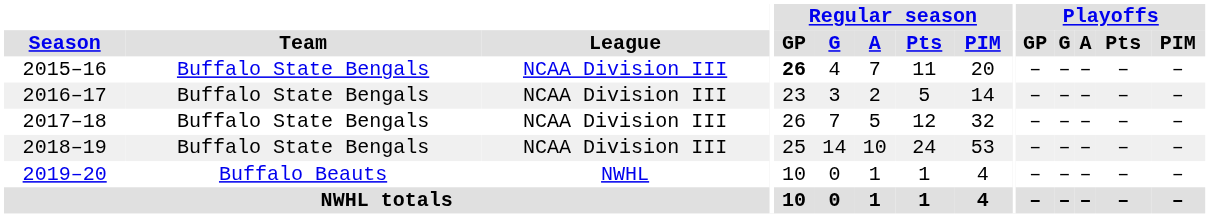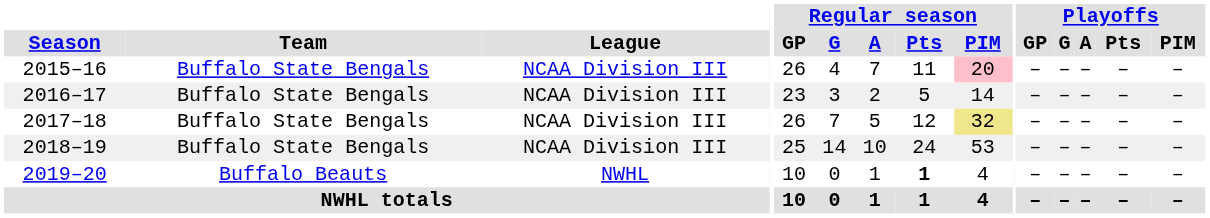 <table border="0" cellpadding="1" cellspacing="0" style="text-align:center; width:60em">
 <tr bgcolor="#e0e0e0">
 <th colspan="3" bgcolor="#ffffff"></th>
 <th rowspan="99" bgcolor="#ffffff"></th>
 <th colspan="5"><a href='#'>Regular season</a></th>
 <th rowspan="99" bgcolor="#ffffff"></th>
 <th colspan="5"><a href='#'>Playoffs</a></th>
 </tr>
 <tr bgcolor="#e0e0e0">
 <th><a href='#'>Season</a></th>
 <th>Team</th>
 <th>League</th>
 <th>GP</th>
 <th><a href='#'>G</a></th>
 <th><a href='#'>A</a></th>
 <th><a href='#'>Pts</a></th>
 <th><a href='#'>PIM</a></th>
 <th>GP</th>
 <th>G</th>
 <th>A</th>
 <th>Pts</th>
 <th>PIM</th>
 </tr>
 <tr>
 <td>2015–16</td>
 <td><a href='#'>Buffalo State Bengals</a></td>
 <td><a href='#'>NCAA Division III</a></td>
-<td><strong>26</strong></td>
+<td>26</td>
 <td>4</td>
 <td>7</td>
 <td>11</td>
-<td>20</td>
+<td style="background: pink;">20</td>
 <td>–</td>
 <td>–</td>
 <td>–</td>
 <td>–</td>
 <td>–</td>
 </tr>
 <tr bgcolor="#f0f0f0">
 <td>2016–17</td>
 <td>Buffalo State Bengals</td>
 <td>NCAA Division III</td>
 <td>23</td>
 <td>3</td>
 <td>2</td>
 <td>5</td>
 <td>14</td>
 <td>–</td>
 <td>–</td>
 <td>–</td>
 <td>–</td>
 <td>–</td>
 </tr>
 <tr>
 <td>2017–18</td>
 <td>Buffalo State Bengals</td>
 <td>NCAA Division III</td>
 <td>26</td>
 <td>7</td>
 <td>5</td>
 <td>12</td>
-<td>32</td>
+<td style="background: khaki;">32</td>
 <td>–</td>
 <td>–</td>
 <td>–</td>
 <td>–</td>
 <td>–</td>
 </tr>
 <tr bgcolor="#f0f0f0">
 <td>2018–19</td>
 <td>Buffalo State Bengals</td>
 <td>NCAA Division III</td>
 <td>25</td>
 <td>14</td>
 <td>10</td>
 <td>24</td>
 <td>53</td>
 <td>–</td>
 <td>–</td>
 <td>–</td>
 <td>–</td>
 <td>–</td>
 </tr>
 <tr>
 <td><a href='#'>2019–20</a></td>
 <td><a href='#'>Buffalo Beauts</a></td>
 <td><a href='#'>NWHL</a></td>
 <td>10</td>
 <td>0</td>
 <td>1</td>
-<td>1</td>
+<td><strong>1</strong></td>
 <td>4</td>
 <td>–</td>
 <td>–</td>
 <td>–</td>
 <td>–</td>
 <td>–</td>
 </tr>
 <tr bgcolor="#e0e0e0">
 <th colspan="3">NWHL totals</th>
 <th>10</th>
 <th>0</th>
 <th>1</th>
 <th>1</th>
 <th>4</th>
 <th>–</th>
 <th>–</th>
 <th>–</th>
 <th>–</th>
 <th>–</th>
 </tr>
 </table>
